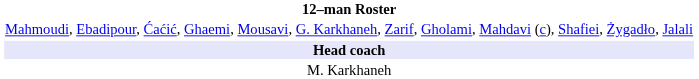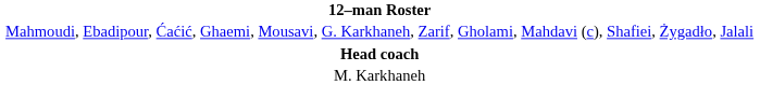 <table style="text-align:center; margin-top:2em; margin-left:auto; margin-right:auto">
 <tr>
 <td><strong>12–man Roster</strong></td>
 </tr>
 <tr>
 <td><a href='#'>Mahmoudi</a>, <a href='#'>Ebadipour</a>, <a href='#'>Ćaćić</a>, <a href='#'>Ghaemi</a>, <a href='#'>Mousavi</a>, <a href='#'>G. Karkhaneh</a>, <a href='#'>Zarif</a>, <a href='#'>Gholami</a>, <a href='#'>Mahdavi</a> (<a href='#'>c</a>), <a href='#'>Shafiei</a>, <a href='#'>Żygadło</a>, <a href='#'>Jalali</a></td>
 </tr>
 <tr>
-<td style="background: lavender;"><strong>Head coach</strong></td>
+<td><strong>Head coach</strong></td>
 </tr>
 <tr>
 <td>M. Karkhaneh</td>
 </tr>
 </table>
